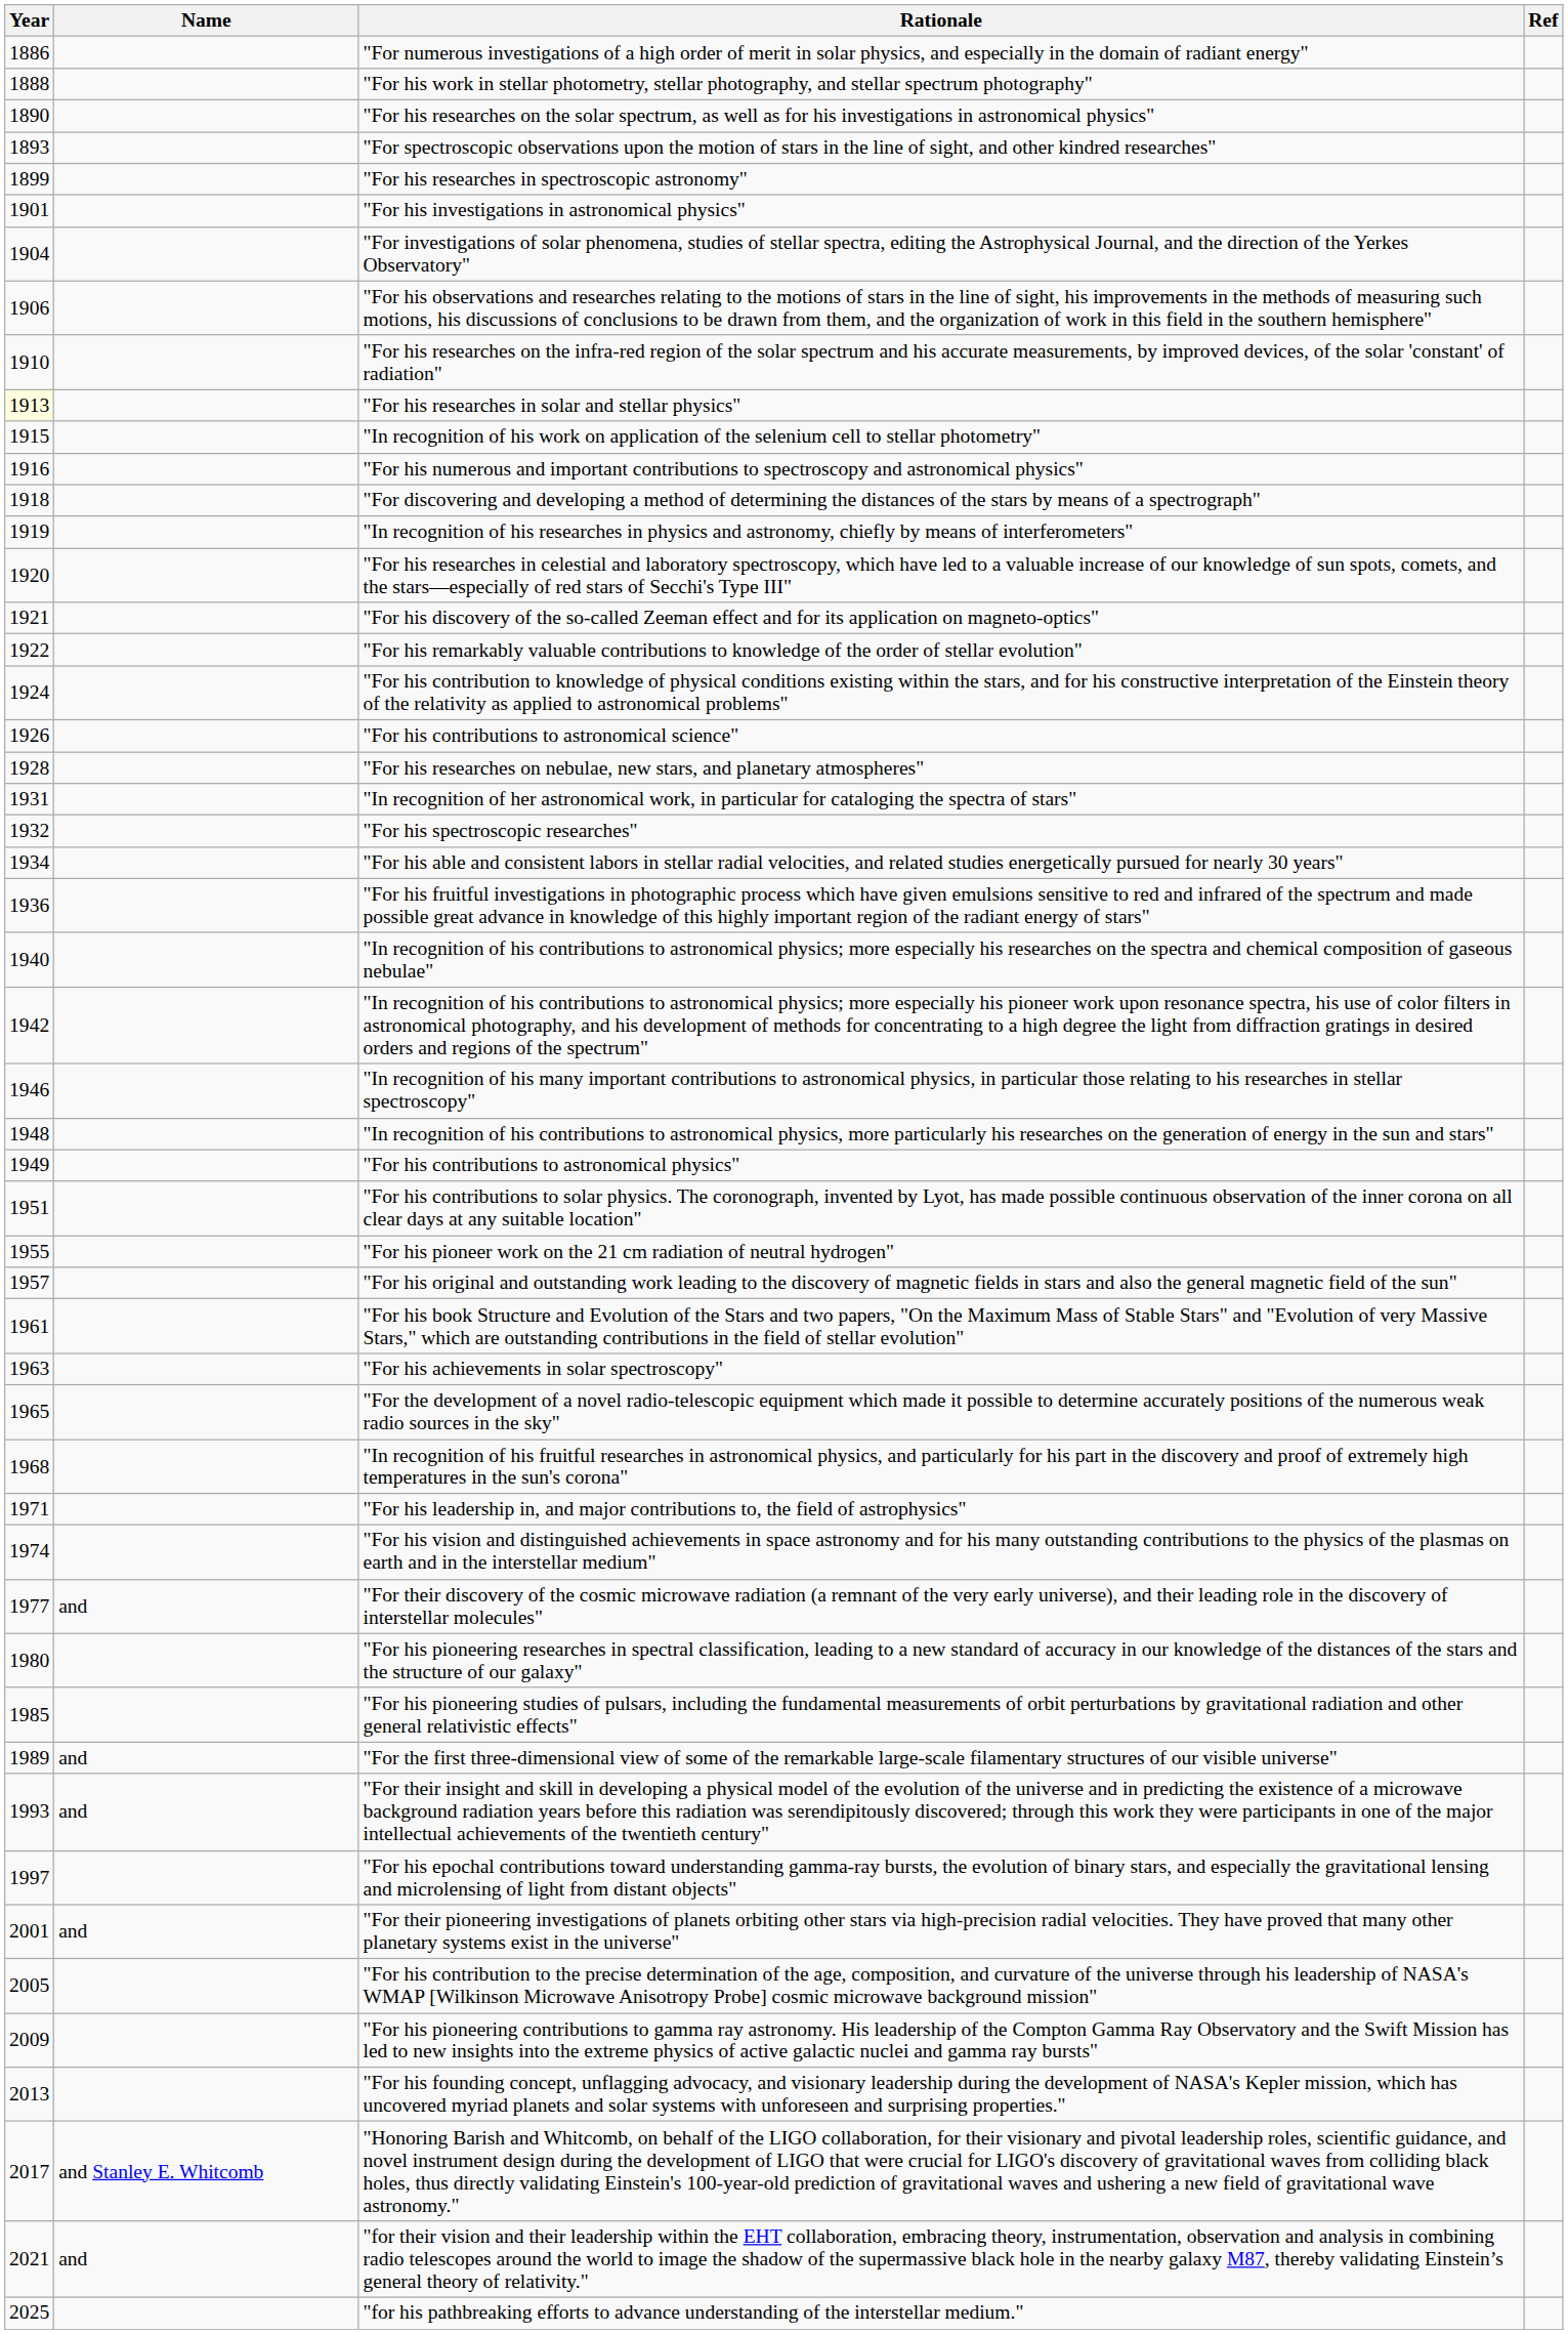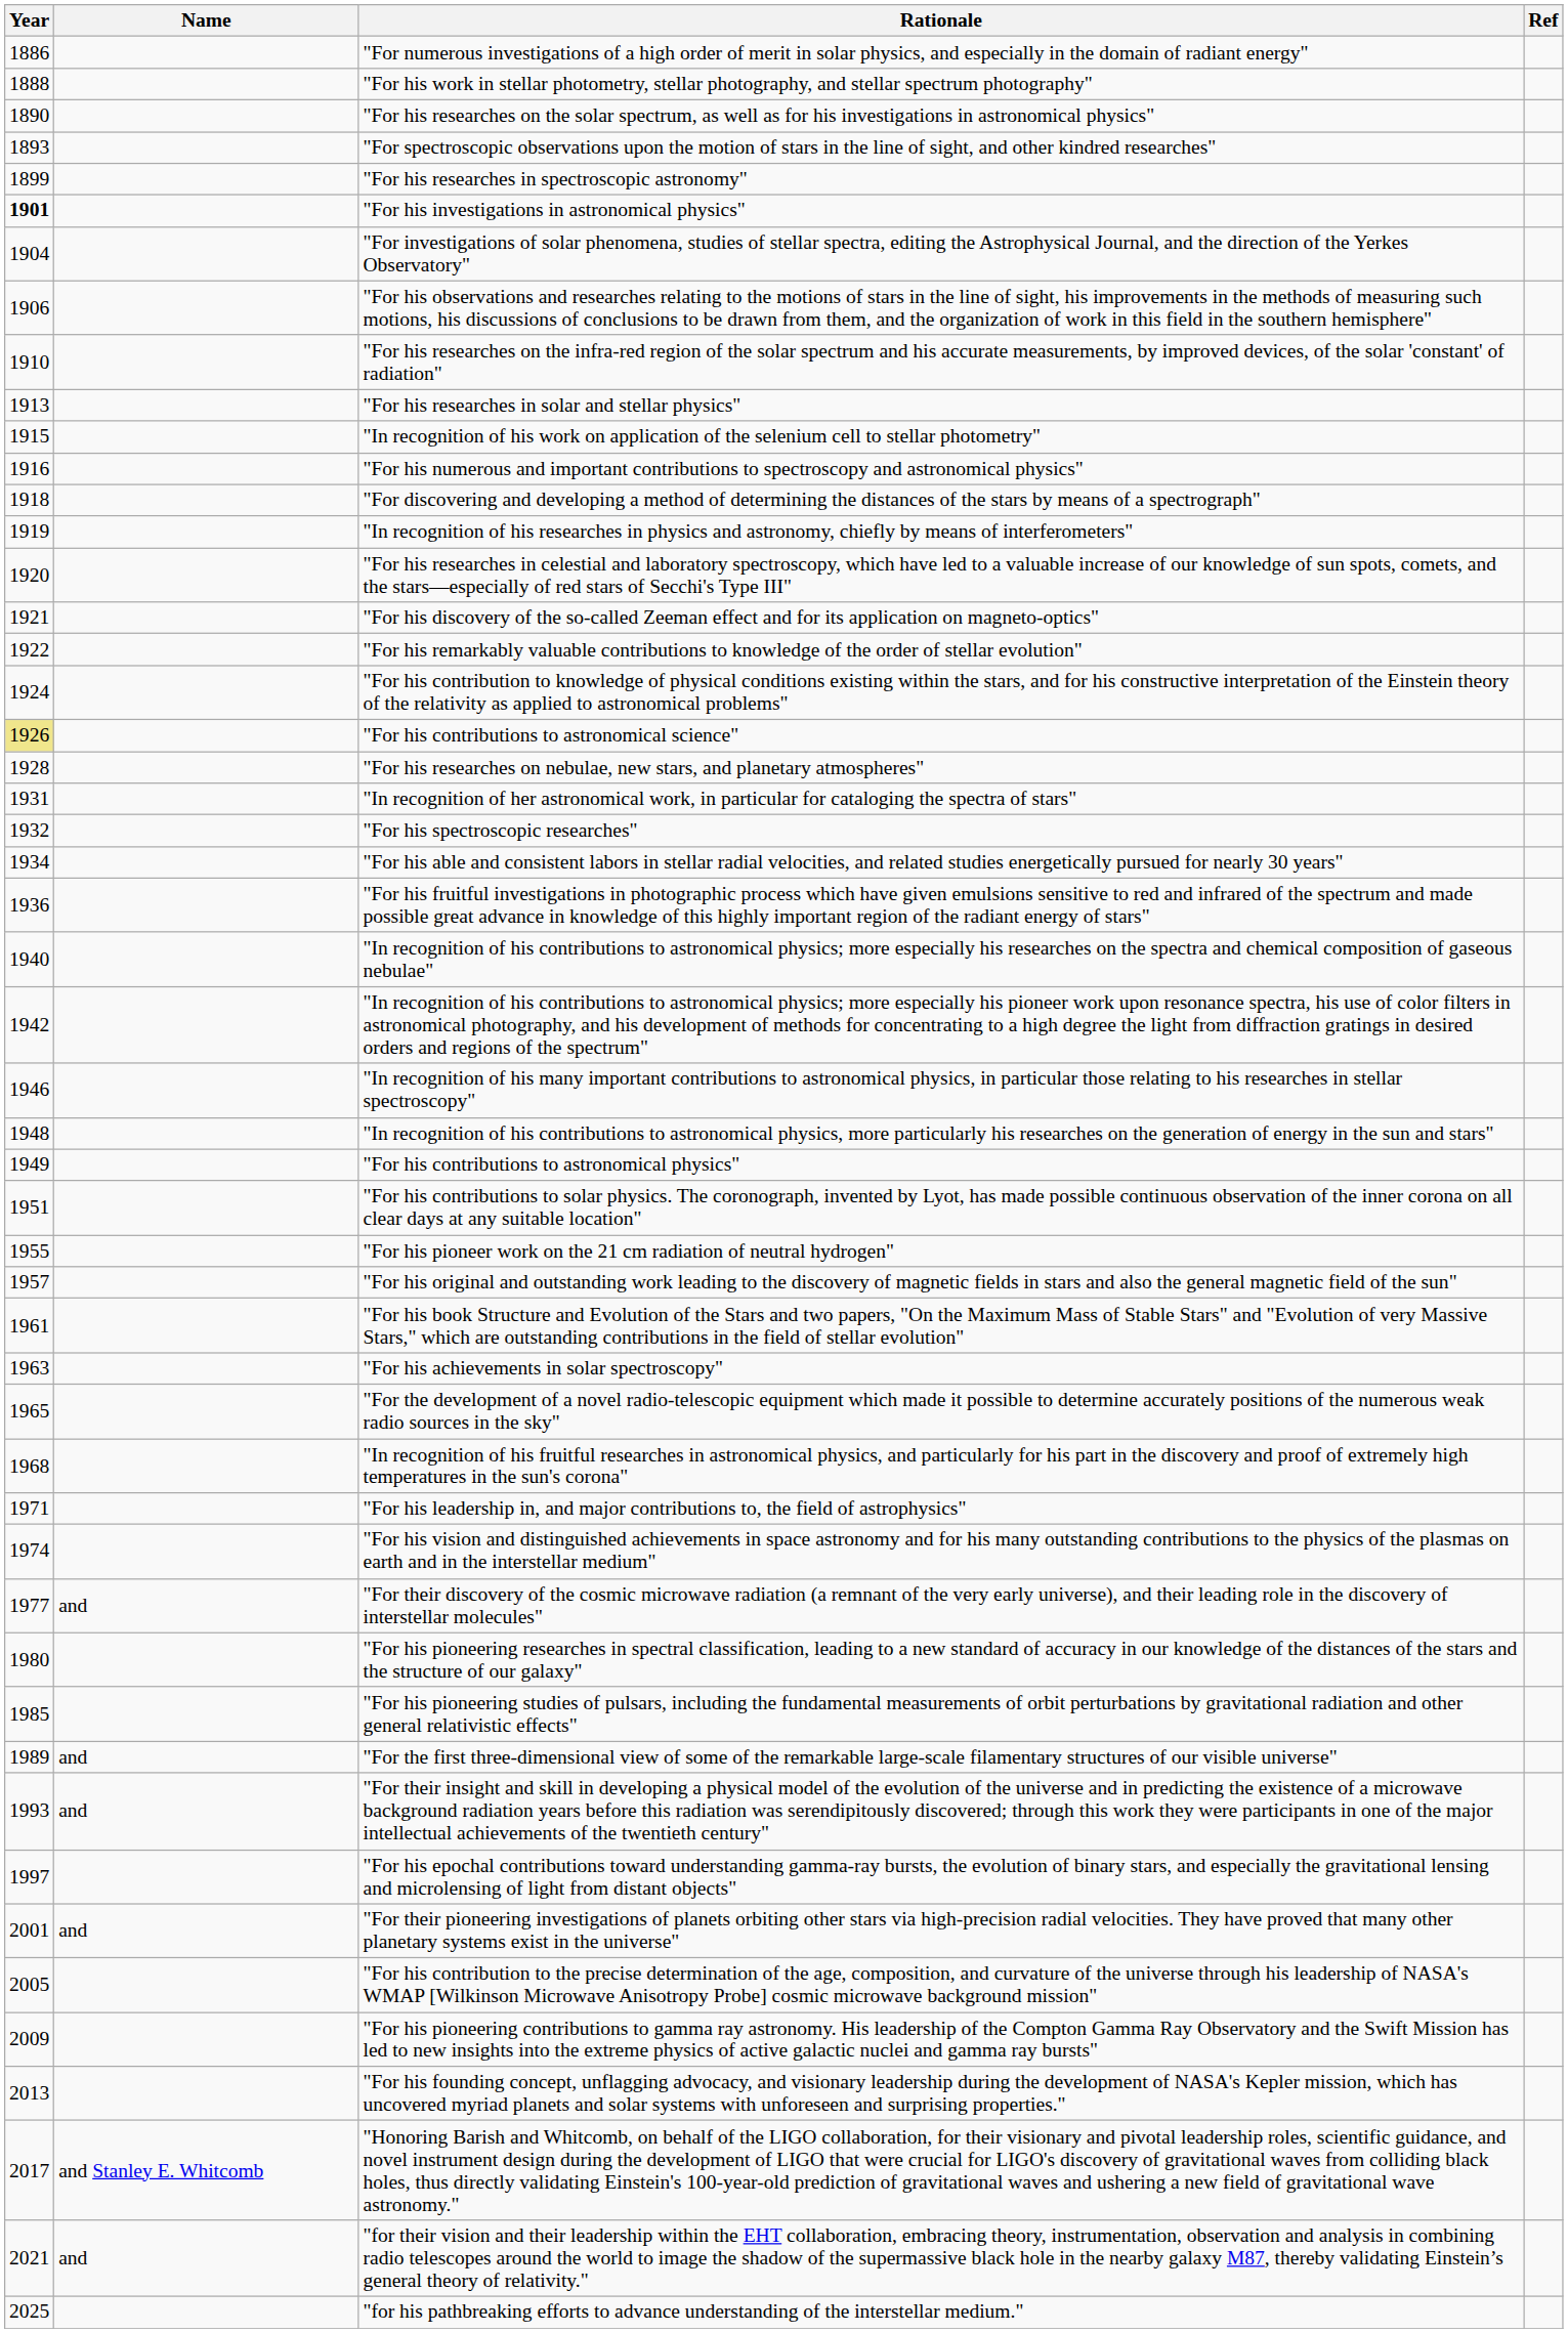 <table class="wikitable sortable" border="1" style="align:left;">
 <tr>
 <th width="2%">Year</th>
 <th width="20%" class="unsortable">Name</th>
 <th width="77%" class="unsortable">Rationale</th>
 <th width="1%" class="unsortable">Ref</th>
 </tr>
 <tr>
 <td>1886</td>
 <td></td>
 <td>"For numerous investigations of a high order of merit in solar physics, and especially in the domain of radiant energy"</td>
 <td></td>
 </tr>
 <tr>
 <td>1888</td>
 <td></td>
 <td>"For his work in stellar photometry, stellar photography, and stellar spectrum photography"</td>
 <td></td>
 </tr>
 <tr>
 <td>1890</td>
 <td></td>
 <td>"For his researches on the solar spectrum, as well as for his investigations in astronomical physics"</td>
 <td></td>
 </tr>
 <tr>
 <td>1893</td>
 <td></td>
 <td>"For spectroscopic observations upon the motion of stars in the line of sight, and other kindred researches"</td>
 <td></td>
 </tr>
 <tr>
 <td>1899</td>
 <td></td>
 <td>"For his researches in spectroscopic astronomy"</td>
 <td></td>
 </tr>
 <tr>
-<td>1901</td>
+<td><strong>1901</strong></td>
 <td></td>
 <td>"For his investigations in astronomical physics"</td>
 <td></td>
 </tr>
 <tr>
 <td>1904</td>
 <td></td>
 <td>"For investigations of solar phenomena, studies of stellar spectra, editing the Astrophysical Journal, and the direction of the Yerkes Observatory"</td>
 <td></td>
 </tr>
 <tr>
 <td>1906</td>
 <td></td>
 <td>"For his observations and researches relating to the motions of stars in the line of sight, his improvements in the methods of measuring such motions, his discussions of conclusions to be drawn from them, and the organization of work in this field in the southern hemisphere"</td>
 <td></td>
 </tr>
 <tr>
 <td>1910</td>
 <td></td>
 <td>"For his researches on the infra-red region of the solar spectrum and his accurate measurements, by improved devices, of the solar 'constant' of radiation"</td>
 <td></td>
 </tr>
 <tr>
-<td style="background: lightyellow;">1913</td>
+<td>1913</td>
 <td></td>
 <td>"For his researches in solar and stellar physics"</td>
 <td></td>
 </tr>
 <tr>
 <td>1915</td>
 <td></td>
 <td>"In recognition of his work on application of the selenium cell to stellar photometry"</td>
 <td></td>
 </tr>
 <tr>
 <td>1916</td>
 <td></td>
 <td>"For his numerous and important contributions to spectroscopy and astronomical physics"</td>
 <td></td>
 </tr>
 <tr>
 <td>1918</td>
 <td></td>
 <td>"For discovering and developing a method of determining the distances of the stars by means of a spectrograph"</td>
 <td></td>
 </tr>
 <tr>
 <td>1919</td>
 <td></td>
 <td>"In recognition of his researches in physics and astronomy, chiefly by means of interferometers"</td>
 <td></td>
 </tr>
 <tr>
 <td>1920</td>
 <td></td>
 <td>"For his researches in celestial and laboratory spectroscopy, which have led to a valuable increase of our knowledge of sun spots, comets, and the stars—especially of red stars of Secchi's Type III"</td>
 <td></td>
 </tr>
 <tr>
 <td>1921</td>
 <td></td>
 <td>"For his discovery of the so-called Zeeman effect and for its application on magneto-optics"</td>
 <td></td>
 </tr>
 <tr>
 <td>1922</td>
 <td></td>
 <td>"For his remarkably valuable contributions to knowledge of the order of stellar evolution"</td>
 <td></td>
 </tr>
 <tr>
 <td>1924</td>
 <td></td>
 <td>"For his contribution to knowledge of physical conditions existing within the stars, and for his constructive interpretation of the Einstein theory of the relativity as applied to astronomical problems"</td>
 <td></td>
 </tr>
 <tr>
-<td>1926</td>
+<td style="background: khaki;">1926</td>
 <td></td>
 <td>"For his contributions to astronomical science"</td>
 <td></td>
 </tr>
 <tr>
 <td>1928</td>
 <td></td>
 <td>"For his researches on nebulae, new stars, and planetary atmospheres"</td>
 <td></td>
 </tr>
 <tr>
 <td>1931</td>
 <td></td>
 <td>"In recognition of her astronomical work, in particular for cataloging the spectra of stars"</td>
 <td></td>
 </tr>
 <tr>
 <td>1932</td>
 <td></td>
 <td>"For his spectroscopic researches"</td>
 <td></td>
 </tr>
 <tr>
 <td>1934</td>
 <td></td>
 <td>"For his able and consistent labors in stellar radial velocities, and related studies energetically pursued for nearly 30 years"</td>
 <td></td>
 </tr>
 <tr>
 <td>1936</td>
 <td></td>
 <td>"For his fruitful investigations in photographic process which have given emulsions sensitive to red and infrared of the spectrum and made possible great advance in knowledge of this highly important region of the radiant energy of stars"</td>
 <td></td>
 </tr>
 <tr>
 <td>1940</td>
 <td></td>
 <td>"In recognition of his contributions to astronomical physics; more especially his researches on the spectra and chemical composition of gaseous nebulae"</td>
 <td></td>
 </tr>
 <tr>
 <td>1942</td>
 <td></td>
 <td>"In recognition of his contributions to astronomical physics; more especially his pioneer work upon resonance spectra, his use of color filters in astronomical photography, and his development of methods for concentrating to a high degree the light from diffraction gratings in desired orders and regions of the spectrum"</td>
 <td></td>
 </tr>
 <tr>
 <td>1946</td>
 <td></td>
 <td>"In recognition of his many important contributions to astronomical physics, in particular those relating to his researches in stellar spectroscopy"</td>
 <td></td>
 </tr>
 <tr>
 <td>1948</td>
 <td></td>
 <td>"In recognition of his contributions to astronomical physics, more particularly his researches on the generation of energy in the sun and stars"</td>
 <td></td>
 </tr>
 <tr>
 <td>1949</td>
 <td></td>
 <td>"For his contributions to astronomical physics"</td>
 <td></td>
 </tr>
 <tr>
 <td>1951</td>
 <td></td>
 <td>"For his contributions to solar physics. The coronograph, invented by Lyot, has made possible continuous observation of the inner corona on all clear days at any suitable location"</td>
 <td></td>
 </tr>
 <tr>
 <td>1955</td>
 <td></td>
 <td>"For his pioneer work on the 21 cm radiation of neutral hydrogen"</td>
 <td></td>
 </tr>
 <tr>
 <td>1957</td>
 <td></td>
 <td>"For his original and outstanding work leading to the discovery of magnetic fields in stars and also the general magnetic field of the sun"</td>
 <td></td>
 </tr>
 <tr>
 <td>1961</td>
 <td></td>
 <td>"For his book Structure and Evolution of the Stars and two papers, "On the Maximum Mass of Stable Stars" and "Evolution of very Massive Stars," which are outstanding contributions in the field of stellar evolution"</td>
 <td></td>
 </tr>
 <tr>
 <td>1963</td>
 <td></td>
 <td>"For his achievements in solar spectroscopy"</td>
 <td></td>
 </tr>
 <tr>
 <td>1965</td>
 <td></td>
 <td>"For the development of a novel radio-telescopic equipment which made it possible to determine accurately positions of the numerous weak radio sources in the sky"</td>
 <td></td>
 </tr>
 <tr>
 <td>1968</td>
 <td></td>
 <td>"In recognition of his fruitful researches in astronomical physics, and particularly for his part in the discovery and proof of extremely high temperatures in the sun's corona"</td>
 <td></td>
 </tr>
 <tr>
 <td>1971</td>
 <td></td>
 <td>"For his leadership in, and major contributions to, the field of astrophysics"</td>
 <td></td>
 </tr>
 <tr>
 <td>1974</td>
 <td></td>
 <td>"For his vision and distinguished achievements in space astronomy and for his many outstanding contributions to the physics of the plasmas on earth and in the interstellar medium"</td>
 <td></td>
 </tr>
 <tr>
 <td>1977</td>
 <td> and </td>
 <td>"For their discovery of the cosmic microwave radiation (a remnant of the very early universe), and their leading role in the discovery of interstellar molecules"</td>
 <td></td>
 </tr>
 <tr>
 <td>1980</td>
 <td></td>
 <td>"For his pioneering researches in spectral classification, leading to a new standard of accuracy in our knowledge of the distances of the stars and the structure of our galaxy"</td>
 <td></td>
 </tr>
 <tr>
 <td>1985</td>
 <td></td>
 <td>"For his pioneering studies of pulsars, including the fundamental measurements of orbit perturbations by gravitational radiation and other general relativistic effects"</td>
 <td></td>
 </tr>
 <tr>
 <td>1989</td>
 <td> and </td>
 <td>"For the first three-dimensional view of some of the remarkable large-scale filamentary structures of our visible universe"</td>
 <td></td>
 </tr>
 <tr>
 <td>1993</td>
 <td> and </td>
 <td>"For their insight and skill in developing a physical model of the evolution of the universe and in predicting the existence of a microwave background radiation years before this radiation was serendipitously discovered; through this work they were participants in one of the major intellectual achievements of the twentieth century"</td>
 <td></td>
 </tr>
 <tr>
 <td>1997</td>
 <td></td>
 <td>"For his epochal contributions toward understanding gamma-ray bursts, the evolution of binary stars, and especially the gravitational lensing and microlensing of light from distant objects"</td>
 <td></td>
 </tr>
 <tr>
 <td>2001</td>
 <td> and </td>
 <td>"For their pioneering investigations of planets orbiting other stars via high-precision radial velocities. They have proved that many other planetary systems exist in the universe"</td>
 <td></td>
 </tr>
 <tr>
 <td>2005</td>
 <td></td>
 <td>"For his contribution to the precise determination of the age, composition, and curvature of the universe through his leadership of NASA's WMAP [Wilkinson Microwave Anisotropy Probe] cosmic microwave background mission"</td>
 <td></td>
 </tr>
 <tr>
 <td>2009</td>
 <td></td>
 <td>"For his pioneering contributions to gamma ray astronomy.  His leadership of the Compton Gamma Ray Observatory and the Swift Mission has led to new insights into the extreme physics of active galactic nuclei and gamma ray bursts"</td>
 <td></td>
 </tr>
 <tr>
 <td>2013</td>
 <td></td>
 <td>"For his founding concept, unflagging advocacy, and visionary leadership during the development of NASA's Kepler mission, which has uncovered myriad planets and solar systems with unforeseen and surprising properties."</td>
 <td></td>
 </tr>
 <tr>
 <td>2017</td>
 <td> and <a href='#'>Stanley E. Whitcomb</a></td>
 <td>"Honoring Barish and Whitcomb, on behalf of the LIGO collaboration, for their visionary and pivotal leadership roles, scientific guidance, and novel instrument design during the development of LIGO that were crucial for LIGO's discovery of gravitational waves from colliding black holes, thus directly validating Einstein's 100-year-old prediction of gravitational waves and ushering a new field of gravitational wave astronomy."</td>
 <td></td>
 </tr>
 <tr>
 <td>2021</td>
 <td> and </td>
 <td>"for their vision and their leadership within the <a href='#'>EHT</a> collaboration, embracing theory, instrumentation, observation and analysis in combining radio telescopes around the world to image the shadow of the supermassive black hole in the nearby galaxy <a href='#'>M87</a>, thereby validating Einstein’s general theory of relativity."</td>
 <td></td>
 </tr>
 <tr>
 <td>2025</td>
 <td></td>
 <td>"for his pathbreaking efforts to advance understanding of the interstellar medium."</td>
 <td></td>
 </tr>
 </table>
